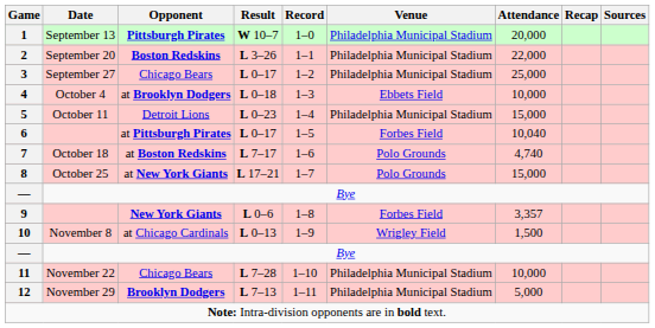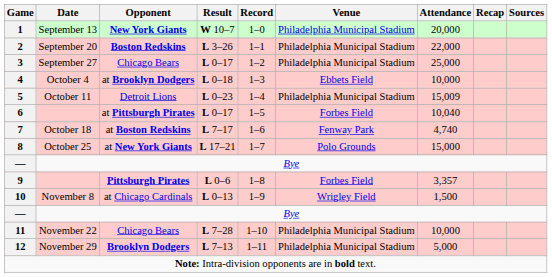 <table class="wikitable" style="text-align:center">
 <tr>
 <th>Game</th>
 <th>Date</th>
 <th>Opponent</th>
 <th>Result</th>
 <th>Record</th>
 <th>Venue</th>
 <th>Attendance</th>
 <th>Recap</th>
 <th>Sources</th>
 </tr>
 <tr style="background:#cfc">
 <th>1</th>
 <td>September 13</td>
-<td><strong><a href='#'>Pittsburgh Pirates</a></strong></td>
+<td><strong><a href='#'>New York Giants</a></strong></td>
 <td><strong>W</strong> 10–7</td>
 <td>1–0</td>
 <td><a href='#'>Philadelphia Municipal Stadium</a></td>
 <td>20,000</td>
 <td></td>
 <td></td>
 </tr>
 <tr style="background:#fcc">
 <th>2</th>
 <td>September 20</td>
 <td><strong><a href='#'>Boston Redskins</a></strong></td>
 <td><strong>L</strong> 3–26</td>
 <td>1–1</td>
 <td>Philadelphia Municipal Stadium</td>
 <td>22,000</td>
 <td></td>
 <td></td>
 </tr>
 <tr style="background:#fcc">
 <th>3</th>
 <td>September 27</td>
 <td><a href='#'>Chicago Bears</a></td>
 <td><strong>L</strong> 0–17</td>
 <td>1–2</td>
 <td>Philadelphia Municipal Stadium</td>
 <td>25,000</td>
 <td></td>
 <td></td>
 </tr>
 <tr style="background:#fcc">
 <th>4</th>
 <td>October 4</td>
 <td>at <strong><a href='#'>Brooklyn Dodgers</a></strong></td>
 <td><strong>L</strong> 0–18</td>
 <td>1–3</td>
 <td><a href='#'>Ebbets Field</a></td>
 <td>10,000</td>
 <td></td>
 <td></td>
 </tr>
 <tr style="background:#fcc">
 <th>5</th>
 <td>October 11</td>
 <td><a href='#'>Detroit Lions</a></td>
 <td><strong>L</strong> 0–23</td>
 <td>1–4</td>
 <td>Philadelphia Municipal Stadium</td>
-<td>15,000</td>
+<td>15,009</td>
 <td></td>
 <td></td>
 </tr>
 <tr style="background:#fcc">
 <th>6</th>
 <td></td>
 <td>at <strong><a href='#'>Pittsburgh Pirates</a></strong></td>
 <td><strong>L</strong> 0–17</td>
 <td>1–5</td>
 <td><a href='#'>Forbes Field</a></td>
 <td>10,040</td>
 <td></td>
 <td></td>
 </tr>
 <tr style="background:#fcc">
 <th>7</th>
 <td>October 18</td>
 <td>at <strong><a href='#'>Boston Redskins</a></strong></td>
 <td><strong>L</strong> 7–17</td>
 <td>1–6</td>
-<td><a href='#'>Polo Grounds</a></td>
+<td><a href='#'>Fenway Park</a></td>
 <td>4,740</td>
 <td></td>
 <td></td>
 </tr>
 <tr style="background:#fcc">
 <th>8</th>
 <td>October 25</td>
 <td>at <strong><a href='#'>New York Giants</a></strong></td>
 <td><strong>L</strong> 17–21</td>
 <td>1–7</td>
 <td><a href='#'>Polo Grounds</a></td>
 <td>15,000</td>
 <td></td>
 <td></td>
 </tr>
 <tr>
 <th>—</th>
 <td colspan="8"><em><a href='#'>Bye</a></em></td>
 </tr>
 <tr style="background:#fcc">
 <th>9</th>
 <td></td>
-<td><strong><a href='#'>New York Giants</a></strong></td>
+<td><strong><a href='#'>Pittsburgh Pirates</a></strong></td>
 <td><strong>L</strong> 0–6</td>
 <td>1–8</td>
 <td><a href='#'>Forbes Field</a></td>
 <td>3,357</td>
 <td></td>
 <td></td>
 </tr>
 <tr style="background:#fcc">
 <th>10</th>
 <td>November 8</td>
 <td>at <a href='#'>Chicago Cardinals</a></td>
 <td><strong>L</strong> 0–13</td>
 <td>1–9</td>
 <td><a href='#'>Wrigley Field</a></td>
 <td>1,500</td>
 <td></td>
 <td></td>
 </tr>
 <tr>
 <th>—</th>
 <td colspan="8"><em><a href='#'>Bye</a></em></td>
 </tr>
 <tr style="background:#fcc">
 <th>11</th>
 <td>November 22</td>
 <td><a href='#'>Chicago Bears</a></td>
 <td><strong>L</strong> 7–28</td>
 <td>1–10</td>
 <td>Philadelphia Municipal Stadium</td>
 <td>10,000</td>
 <td></td>
 <td></td>
 </tr>
 <tr style="background:#fcc">
 <th>12</th>
 <td>November 29</td>
 <td><strong><a href='#'>Brooklyn Dodgers</a></strong></td>
 <td><strong>L</strong> 7–13</td>
 <td>1–11</td>
 <td>Philadelphia Municipal Stadium</td>
 <td>5,000</td>
 <td></td>
 <td></td>
 </tr>
 <tr>
 <td colspan="10"><strong>Note:</strong> Intra-division opponents are in <strong>bold</strong> text.</td>
 </tr>
 </table>
